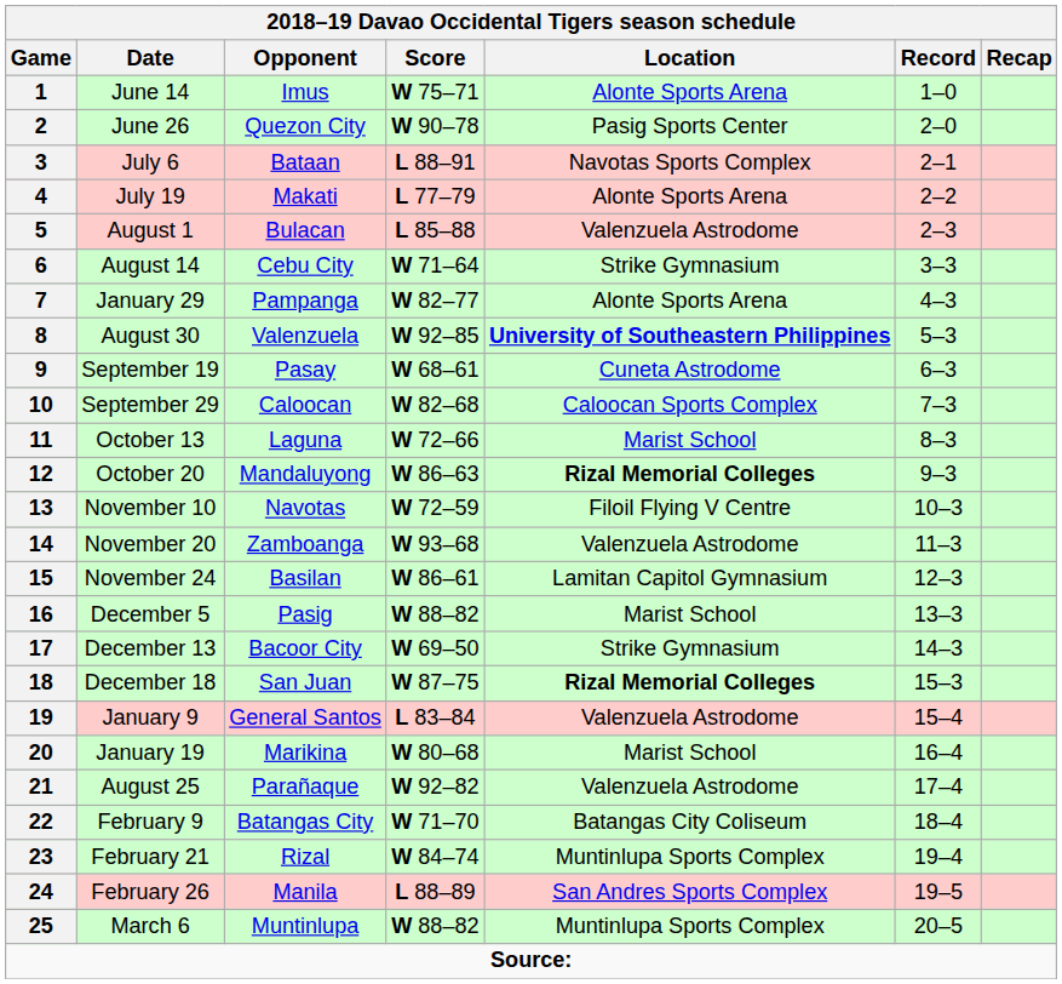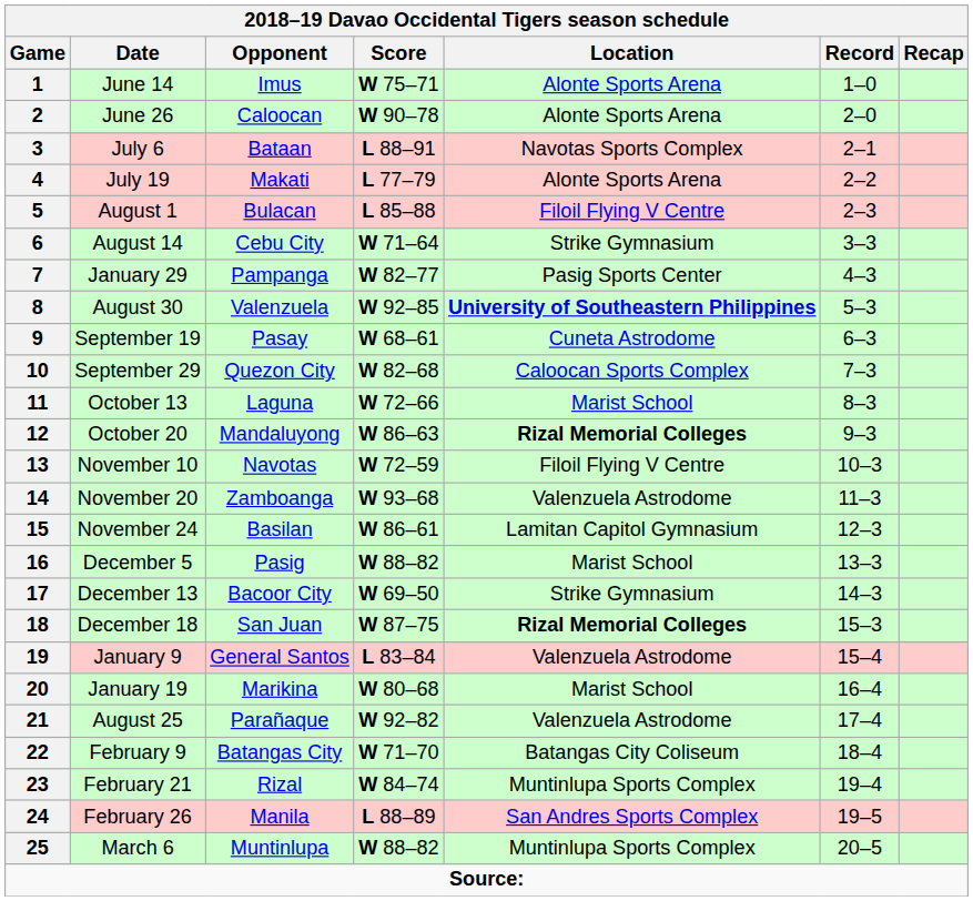 <table class="wikitable" style="text-align:center">
 <tr>
 <th colspan=7>2018–19 Davao Occidental Tigers season schedule</th>
 </tr>
 <tr>
 <th>Game</th>
 <th>Date</th>
 <th>Opponent</th>
 <th>Score</th>
 <th>Location</th>
 <th>Record</th>
 <th>Recap<br></th>
 </tr>
 <tr style="background:#cfc">
 <th>1</th>
 <td>June 14</td>
 <td><a href='#'>Imus</a></td>
 <td><strong>W</strong> 75–71</td>
 <td><a href='#'>Alonte Sports Arena</a></td>
 <td>1–0</td>
 <td></td>
 </tr>
 <tr style="background:#cfc">
 <th>2</th>
 <td>June 26</td>
-<td><a href='#'>Quezon City</a></td>
+<td><a href='#'>Caloocan</a></td>
 <td><strong>W</strong> 90–78</td>
-<td>Pasig Sports Center</td>
+<td>Alonte Sports Arena</td>
 <td>2–0</td>
 <td></td>
 </tr>
 <tr style="background:#fcc">
 <th>3</th>
 <td>July 6</td>
 <td><a href='#'>Bataan</a></td>
 <td><strong>L</strong> 88–91</td>
 <td>Navotas Sports Complex</td>
 <td>2–1</td>
 <td></td>
 </tr>
 <tr style="background:#fcc">
 <th>4</th>
 <td>July 19</td>
 <td><a href='#'>Makati</a></td>
 <td><strong>L</strong> 77–79</td>
 <td>Alonte Sports Arena</td>
 <td>2–2</td>
 <td></td>
 </tr>
 <tr style="background:#fcc">
 <th>5</th>
 <td>August 1</td>
 <td><a href='#'>Bulacan</a></td>
 <td><strong>L</strong> 85–88 </td>
-<td>Valenzuela Astrodome</td>
+<td><a href='#'>Filoil Flying V Centre</a></td>
 <td>2–3</td>
 <td></td>
 </tr>
 <tr style="background:#cfc">
 <th>6</th>
 <td>August 14</td>
 <td><a href='#'>Cebu City</a></td>
 <td><strong>W</strong> 71–64</td>
 <td>Strike Gymnasium</td>
 <td>3–3</td>
 <td></td>
 </tr>
 <tr style="background:#cfc">
 <th>7</th>
 <td>January 29</td>
 <td><a href='#'>Pampanga</a></td>
 <td><strong>W</strong> 82–77</td>
-<td>Alonte Sports Arena</td>
+<td>Pasig Sports Center</td>
 <td>4–3</td>
 <td></td>
 </tr>
 <tr style="background:#cfc">
 <th>8</th>
 <td>August 30</td>
 <td><a href='#'>Valenzuela</a></td>
 <td><strong>W</strong> 92–85</td>
 <td><strong><a href='#'>University of Southeastern Philippines</a></strong></td>
 <td>5–3</td>
 <td></td>
 </tr>
 <tr style="background:#cfc">
 <th>9</th>
 <td>September 19</td>
 <td><a href='#'>Pasay</a></td>
 <td><strong>W</strong> 68–61</td>
 <td><a href='#'>Cuneta Astrodome</a></td>
 <td>6–3</td>
 <td></td>
 </tr>
 <tr style="background:#cfc">
 <th>10</th>
 <td>September 29</td>
-<td><a href='#'>Caloocan</a></td>
+<td><a href='#'>Quezon City</a></td>
 <td><strong>W</strong> 82–68</td>
 <td><a href='#'>Caloocan Sports Complex</a></td>
 <td>7–3</td>
 <td><br></td>
 </tr>
 <tr style="background:#cfc">
 <th>11</th>
 <td>October 13</td>
 <td><a href='#'>Laguna</a></td>
 <td><strong>W</strong> 72–66</td>
 <td><a href='#'>Marist School</a></td>
 <td>8–3</td>
 <td></td>
 </tr>
 <tr style="background:#cfc">
 <th>12</th>
 <td>October 20</td>
 <td><a href='#'>Mandaluyong</a></td>
 <td><strong>W</strong> 86–63</td>
 <td><strong>Rizal Memorial Colleges</strong></td>
 <td>9–3</td>
 <td></td>
 </tr>
 <tr style="background:#cfc">
 <th>13</th>
 <td>November 10</td>
 <td><a href='#'>Navotas</a></td>
 <td><strong>W</strong> 72–59</td>
 <td>Filoil Flying V Centre</td>
 <td>10–3</td>
 <td></td>
 </tr>
 <tr style="background:#cfc">
 <th>14</th>
 <td>November 20</td>
 <td><a href='#'>Zamboanga</a></td>
 <td><strong>W</strong> 93–68</td>
 <td>Valenzuela Astrodome</td>
 <td>11–3</td>
 <td></td>
 </tr>
 <tr style="background:#cfc">
 <th>15</th>
 <td>November 24</td>
 <td><a href='#'>Basilan</a></td>
 <td><strong>W</strong> 86–61</td>
 <td>Lamitan Capitol Gymnasium</td>
 <td>12–3</td>
 <td></td>
 </tr>
 <tr style="background:#cfc">
 <th>16</th>
 <td>December 5</td>
 <td><a href='#'>Pasig</a></td>
 <td><strong>W</strong> 88–82</td>
 <td>Marist School</td>
 <td>13–3</td>
 <td></td>
 </tr>
 <tr style="background:#cfc">
 <th>17</th>
 <td>December 13</td>
 <td><a href='#'>Bacoor City</a></td>
 <td><strong>W</strong> 69–50</td>
 <td>Strike Gymnasium</td>
 <td>14–3</td>
 <td></td>
 </tr>
 <tr style="background:#cfc">
 <th>18</th>
 <td>December 18</td>
 <td><a href='#'>San Juan</a></td>
 <td><strong>W</strong> 87–75</td>
 <td><strong>Rizal Memorial Colleges</strong></td>
 <td>15–3</td>
 <td><br></td>
 </tr>
 <tr style="background:#fcc">
 <th>19</th>
 <td>January 9</td>
 <td><a href='#'>General Santos</a></td>
 <td><strong>L</strong> 83–84</td>
 <td>Valenzuela Astrodome</td>
 <td>15–4</td>
 <td></td>
 </tr>
 <tr style="background:#cfc">
 <th>20</th>
 <td>January 19</td>
 <td><a href='#'>Marikina</a></td>
 <td><strong>W</strong> 80–68</td>
 <td>Marist School</td>
 <td>16–4</td>
 <td></td>
 </tr>
 <tr style="background:#cfc">
 <th>21</th>
 <td>August 25</td>
 <td><a href='#'>Parañaque</a></td>
 <td><strong>W</strong> 92–82</td>
 <td>Valenzuela Astrodome</td>
 <td>17–4</td>
 <td></td>
 </tr>
 <tr style="background:#cfc">
 <th>22</th>
 <td>February 9</td>
 <td><a href='#'>Batangas City</a></td>
 <td><strong>W</strong> 71–70</td>
 <td>Batangas City Coliseum</td>
 <td>18–4</td>
 <td></td>
 </tr>
 <tr style="background:#cfc">
 <th>23</th>
 <td>February 21</td>
 <td><a href='#'>Rizal</a></td>
 <td><strong>W</strong> 84–74</td>
 <td>Muntinlupa Sports Complex</td>
 <td>19–4</td>
 <td></td>
 </tr>
 <tr style="background:#fcc">
 <th>24</th>
 <td>February 26</td>
 <td><a href='#'>Manila</a></td>
 <td><strong>L</strong> 88–89</td>
 <td><a href='#'>San Andres Sports Complex</a></td>
 <td>19–5</td>
 <td></td>
 </tr>
 <tr style="background:#cfc">
 <th>25</th>
 <td>March 6</td>
 <td><a href='#'>Muntinlupa</a></td>
 <td><strong>W</strong> 88–82</td>
 <td>Muntinlupa Sports Complex</td>
 <td>20–5</td>
 <td></td>
 </tr>
 <tr>
 <td colspan=7 align=center><strong>Source: </strong></td>
 </tr>
 </table>
